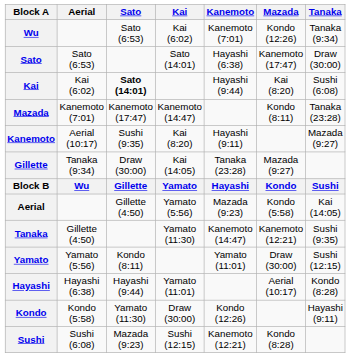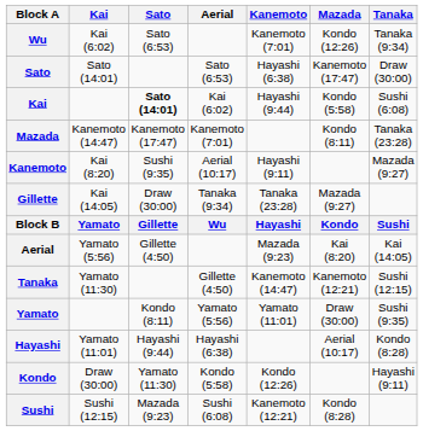 <table class="wikitable" style="margin: 1em auto 1em auto;text-align:center">
 <tr>
 <th>Block A</th>
+<th><a href='#'>Kai</a></th>
+<th><a href='#'>Sato</a></th>
 <th>Aerial</th>
-<th><a href='#'>Sato</a></th>
-<th><a href='#'>Kai</a></th>
 <th><a href='#'>Kanemoto</a></th>
 <th><a href='#'>Mazada</a></th>
 <th><a href='#'>Tanaka</a></th>
 </tr>
 <tr>
 <th><a href='#'>Wu</a></th>
+<td>Kai<br>(6:02)</td>
+<td>Sato<br>(6:53)</td>
 <td></td>
-<td>Sato<br>(6:53)</td>
-<td>Kai<br>(6:02)</td>
 <td>Kanemoto<br>(7:01)</td>
 <td>Kondo<br>(12:26)</td>
 <td>Tanaka<br>(9:34)</td>
 </tr>
 <tr>
 <th><a href='#'>Sato</a></th>
+<td>Sato<br>(14:01)</td>
+<td></td>
 <td>Sato<br>(6:53)</td>
-<td></td>
-<td>Sato<br>(14:01)</td>
 <td>Hayashi<br>(6:38)</td>
 <td>Kanemoto<br>(17:47)</td>
 <td>Draw<br>(30:00)</td>
 </tr>
 <tr>
 <th><a href='#'>Kai</a></th>
+<td></td>
+<td><strong>Sato<br>(14:01)</strong></td>
 <td>Kai<br>(6:02)</td>
-<td><strong>Sato<br>(14:01)</strong></td>
-<td></td>
 <td>Hayashi<br>(9:44)</td>
-<td>Kai<br>(8:20)</td>
+<td>Kondo<br>(5:58)</td>
 <td>Sushi<br>(6:08)</td>
 </tr>
 <tr>
 <th><a href='#'>Mazada</a></th>
+<td>Kanemoto<br>(14:47)</td>
+<td>Kanemoto<br>(17:47)</td>
 <td>Kanemoto<br>(7:01)</td>
-<td>Kanemoto<br>(17:47)</td>
-<td>Kanemoto<br>(14:47)</td>
 <td></td>
 <td>Kondo<br>(8:11)</td>
 <td>Tanaka<br>(23:28)</td>
 </tr>
 <tr>
 <th><a href='#'>Kanemoto</a></th>
+<td>Kai<br>(8:20)</td>
+<td>Sushi<br>(9:35)</td>
 <td>Aerial<br>(10:17)</td>
-<td>Sushi<br>(9:35)</td>
-<td>Kai<br>(8:20)</td>
 <td>Hayashi<br>(9:11)</td>
 <td></td>
 <td>Mazada<br>(9:27)</td>
 </tr>
 <tr>
 <th><a href='#'>Gillette</a></th>
+<td>Kai<br>(14:05)</td>
+<td>Draw<br>(30:00)</td>
 <td>Tanaka<br>(9:34)</td>
-<td>Draw<br>(30:00)</td>
-<td>Kai<br>(14:05)</td>
 <td>Tanaka<br>(23:28)</td>
 <td>Mazada<br>(9:27)</td>
 <td></td>
 </tr>
 <tr>
 <th>Block B</th>
+<th><a href='#'>Yamato</a></th>
+<th><a href='#'>Gillette</a></th>
 <th><a href='#'>Wu</a></th>
-<th><a href='#'>Gillette</a></th>
-<th><a href='#'>Yamato</a></th>
 <th><a href='#'>Hayashi</a></th>
 <th><a href='#'>Kondo</a></th>
 <th><a href='#'>Sushi</a></th>
 </tr>
 <tr>
 <th>Aerial</th>
+<td>Yamato<br>(5:56)</td>
+<td>Gillette<br>(4:50)</td>
 <td></td>
-<td>Gillette<br>(4:50)</td>
-<td>Yamato<br>(5:56)</td>
 <td>Mazada<br>(9:23)</td>
-<td>Kondo<br>(5:58)</td>
+<td>Kai<br>(8:20)</td>
 <td>Kai<br>(14:05)</td>
 </tr>
 <tr>
 <th><a href='#'>Tanaka</a></th>
+<td>Yamato<br>(11:30)</td>
+<td></td>
 <td>Gillette<br>(4:50)</td>
-<td></td>
-<td>Yamato<br>(11:30)</td>
 <td>Kanemoto<br>(14:47)</td>
 <td>Kanemoto<br>(12:21)</td>
+<td>Sushi<br>(12:15)</td>
+</tr>
+<tr>
+<th><a href='#'>Yamato</a></th>
+<td></td>
+<td>Kondo<br>(8:11)</td>
+<td>Yamato<br>(5:56)</td>
+<td>Yamato<br>(11:01)</td>
+<td>Draw<br>(30:00)</td>
 <td>Sushi<br>(9:35)</td>
 </tr>
 <tr>
-<th><a href='#'>Yamato</a></th>
-<td>Yamato<br>(5:56)</td>
-<td>Kondo<br>(8:11)</td>
-<td></td>
+<th><a href='#'>Hayashi</a></th>
 <td>Yamato<br>(11:01)</td>
-<td>Draw<br>(30:00)</td>
-<td>Sushi<br>(12:15)</td>
-</tr>
-<tr>
-<th><a href='#'>Hayashi</a></th>
+<td>Hayashi<br>(9:44)</td>
 <td>Hayashi<br>(6:38)</td>
-<td>Hayashi<br>(9:44)</td>
-<td>Yamato<br>(11:01)</td>
 <td></td>
 <td>Aerial<br>(10:17)</td>
 <td>Kondo<br>(8:28)</td>
 </tr>
 <tr>
 <th><a href='#'>Kondo</a></th>
+<td>Draw<br>(30:00)</td>
+<td>Yamato<br>(11:30)</td>
 <td>Kondo<br>(5:58)</td>
-<td>Yamato<br>(11:30)</td>
-<td>Draw<br>(30:00)</td>
 <td>Kondo<br>(12:26)</td>
 <td></td>
 <td>Hayashi<br>(9:11)</td>
 </tr>
 <tr>
 <th><a href='#'>Sushi</a></th>
+<td>Sushi<br>(12:15)</td>
+<td>Mazada<br>(9:23)</td>
 <td>Sushi<br>(6:08)</td>
-<td>Mazada<br>(9:23)</td>
-<td>Sushi<br>(12:15)</td>
 <td>Kanemoto<br>(12:21)</td>
 <td>Kondo<br>(8:28)</td>
 <td></td>
 </tr>
 </table>
